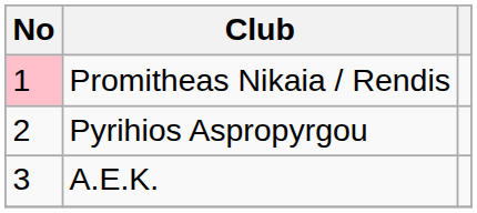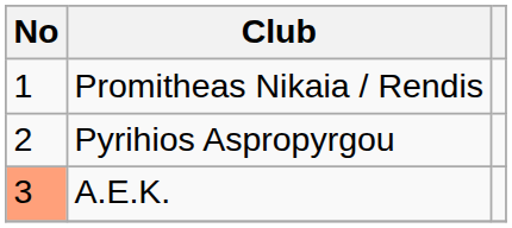 <table class="wikitable">
 <tr>
 <th>No</th>
 <th>Club</th>
 <th></th>
 </tr>
 <tr>
-<td style="background: pink;">1</td>
+<td>1</td>
 <td>Promitheas Nikaia / Rendis</td>
 <td></td>
 </tr>
 <tr>
 <td>2</td>
 <td>Pyrihios Aspropyrgou</td>
 <td></td>
 </tr>
 <tr>
-<td>3</td>
+<td style="background: lightsalmon;">3</td>
 <td>A.E.K.</td>
 <td></td>
 </tr>
 <tr>
 </tr>
 </table>
